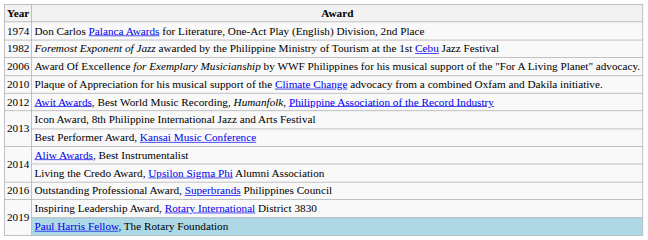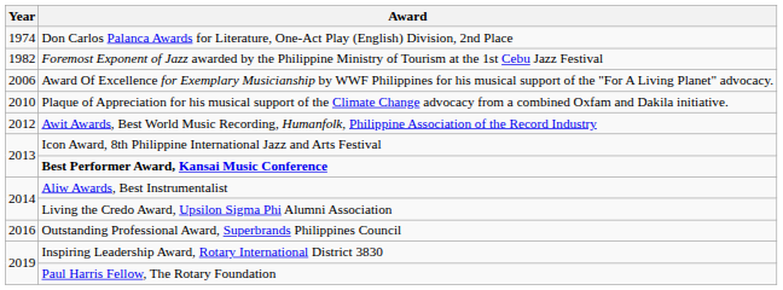 <table class="wikitable sortable">
 <tr>
 <th>Year</th>
 <th>Award</th>
 </tr>
 <tr>
 <td>1974</td>
 <td>Don Carlos <a href='#'>Palanca Awards</a> for Literature, One-Act Play (English) Division, 2nd Place</td>
 </tr>
 <tr>
 <td>1982</td>
 <td><em>Foremost Exponent of Jazz</em> awarded by the Philippine Ministry of Tourism at the 1st <a href='#'>Cebu</a> Jazz Festival</td>
 </tr>
 <tr>
 <td>2006</td>
 <td>Award Of Excellence <em>for Exemplary Musicianship</em> by WWF Philippines for his musical support of the "For A Living Planet" advocacy.</td>
 </tr>
 <tr>
 <td>2010</td>
 <td>Plaque of Appreciation for his musical support of the <a href='#'>Climate Change</a> advocacy from a combined Oxfam and Dakila initiative.</td>
 </tr>
 <tr>
 <td>2012</td>
 <td><a href='#'>Awit Awards</a>, Best World Music Recording, <em>Humanfolk</em>, <a href='#'>Philippine Association of the Record Industry</a></td>
 </tr>
 <tr>
 <td rowspan=2>2013</td>
 <td>Icon Award, 8th Philippine International Jazz and Arts Festival</td>
 </tr>
 <tr>
-<td>Best Performer Award, <a href='#'>Kansai Music Conference</a></td>
+<td><strong>Best Performer Award, <a href='#'>Kansai Music Conference</a></strong></td>
 </tr>
 <tr>
 <td rowspan=2>2014</td>
 <td><a href='#'>Aliw Awards</a>, Best Instrumentalist</td>
 </tr>
 <tr>
 <td>Living the Credo Award, <a href='#'>Upsilon Sigma Phi</a> Alumni Association</td>
 </tr>
 <tr>
 <td>2016</td>
 <td>Outstanding Professional Award,  <a href='#'>Superbrands</a> Philippines Council</td>
 </tr>
 <tr>
 <td rowspan=2>2019</td>
 <td>Inspiring Leadership Award, <a href='#'>Rotary International</a> District 3830</td>
 </tr>
 <tr>
-<td style="background: lightblue;"><a href='#'>Paul Harris Fellow</a>, The Rotary Foundation</td>
+<td><a href='#'>Paul Harris Fellow</a>, The Rotary Foundation</td>
 </tr>
 </table>
